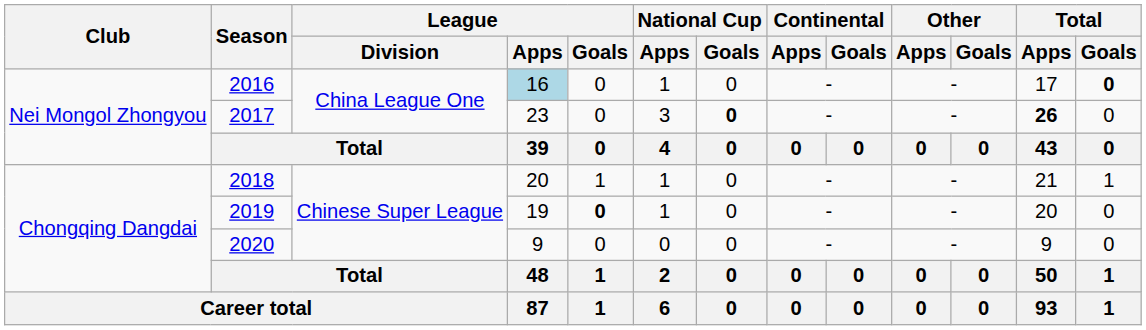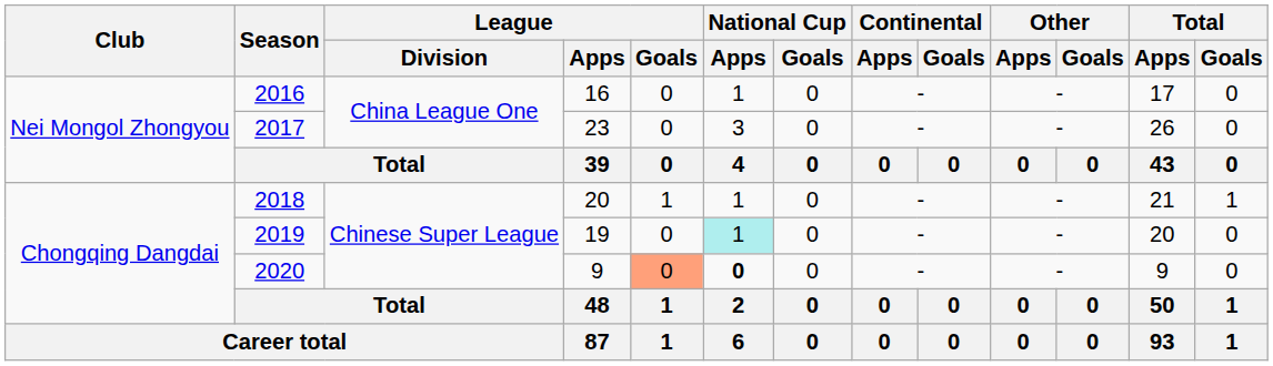 <table class="wikitable" style="text-align: center">
 <tr>
 <th rowspan="2">Club</th>
 <th rowspan="2">Season</th>
 <th colspan="3">League</th>
 <th colspan="2">National Cup</th>
 <th colspan="2">Continental</th>
 <th colspan="2">Other</th>
 <th colspan="2">Total</th>
 </tr>
 <tr>
 <th>Division</th>
 <th>Apps</th>
 <th>Goals</th>
 <th>Apps</th>
 <th>Goals</th>
 <th>Apps</th>
 <th>Goals</th>
 <th>Apps</th>
 <th>Goals</th>
 <th>Apps</th>
 <th>Goals</th>
 </tr>
 <tr>
 <td rowspan="3"><a href='#'>Nei Mongol Zhongyou</a></td>
 <td><a href='#'>2016</a></td>
 <td rowspan="2"><a href='#'>China League One</a></td>
-<td style="background: lightblue;">16</td>
+<td>16</td>
 <td>0</td>
 <td>1</td>
 <td>0</td>
 <td colspan="2">-</td>
 <td colspan="2">-</td>
 <td>17</td>
-<td><strong>0</strong></td>
+<td>0</td>
 </tr>
 <tr>
 <td><a href='#'>2017</a></td>
 <td>23</td>
 <td>0</td>
 <td>3</td>
-<td><strong>0</strong></td>
+<td>0</td>
 <td colspan="2">-</td>
 <td colspan="2">-</td>
-<td><strong>26</strong></td>
+<td>26</td>
 <td>0</td>
 </tr>
 <tr>
 <th colspan="2">Total</th>
 <th>39</th>
 <th>0</th>
 <th>4</th>
 <th>0</th>
 <th>0</th>
 <th>0</th>
 <th>0</th>
 <th>0</th>
 <th>43</th>
 <th>0</th>
 </tr>
 <tr>
 <td rowspan="4"><a href='#'>Chongqing Dangdai</a></td>
 <td><a href='#'>2018</a></td>
 <td rowspan="3"><a href='#'>Chinese Super League</a></td>
 <td>20</td>
 <td>1</td>
 <td>1</td>
 <td>0</td>
 <td colspan="2">-</td>
 <td colspan="2">-</td>
 <td>21</td>
 <td>1</td>
 </tr>
 <tr>
 <td><a href='#'>2019</a></td>
 <td>19</td>
-<td><strong>0</strong></td>
-<td>1</td>
+<td>0</td>
+<td style="background: paleturquoise;">1</td>
 <td>0</td>
 <td colspan="2">-</td>
 <td colspan="2">-</td>
 <td>20</td>
 <td>0</td>
 </tr>
 <tr>
 <td><a href='#'>2020</a></td>
 <td>9</td>
-<td>0</td>
-<td>0</td>
+<td style="background: lightsalmon;">0</td>
+<td><strong>0</strong></td>
 <td>0</td>
 <td colspan="2">-</td>
 <td colspan="2">-</td>
 <td>9</td>
 <td>0</td>
 </tr>
 <tr>
 <th colspan="2">Total</th>
 <th>48</th>
 <th>1</th>
 <th>2</th>
 <th>0</th>
 <th>0</th>
 <th>0</th>
 <th>0</th>
 <th>0</th>
 <th>50</th>
 <th>1</th>
 </tr>
 <tr>
 <th colspan=3>Career total</th>
 <th>87</th>
 <th>1</th>
 <th>6</th>
 <th>0</th>
 <th>0</th>
 <th>0</th>
 <th>0</th>
 <th>0</th>
 <th>93</th>
 <th>1</th>
 </tr>
 </table>
